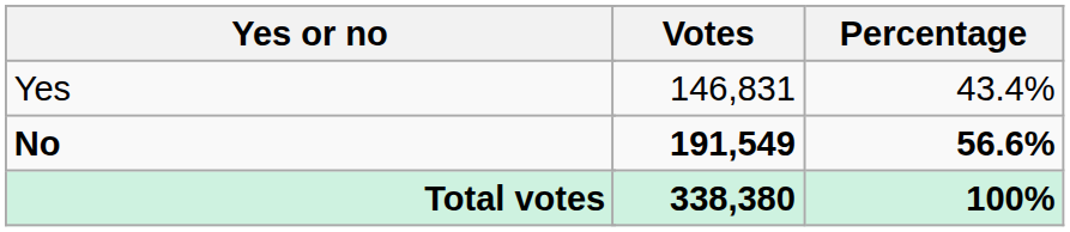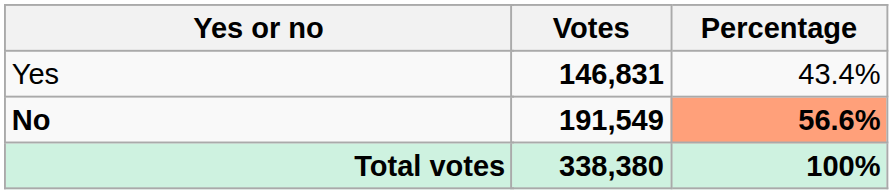 <table class="wikitable" style="font-size: 95%;">
 <tr>
 <th colspan="2" style="width: 17em">Yes or no</th>
 <th style="width: 5em">Votes</th>
 <th style="width: 7em">Percentage</th>
 </tr>
 <tr>
 <td colspan="2">Yes</td>
-<td align="right">146,831</td>
+<td align="right"><strong>146,831</strong></td>
 <td align="right">43.4%</td>
 </tr>
 <tr>
 <td colspan="2"> <strong>No</strong></td>
 <td align="right"><strong>191,549</strong></td>
-<td align="right"><strong>56.6%</strong></td>
+<td align="right" style="background: lightsalmon;"><strong>56.6%</strong></td>
 </tr>
 <tr bgcolor="#cef2e0">
 <td colspan="2" style="text-align: right; margin-right: 0.5em"><strong>Total votes</strong></td>
 <td align="right"><strong>338,380</strong></td>
 <td align="right"><strong>100%</strong></td>
 </tr>
 </table>
